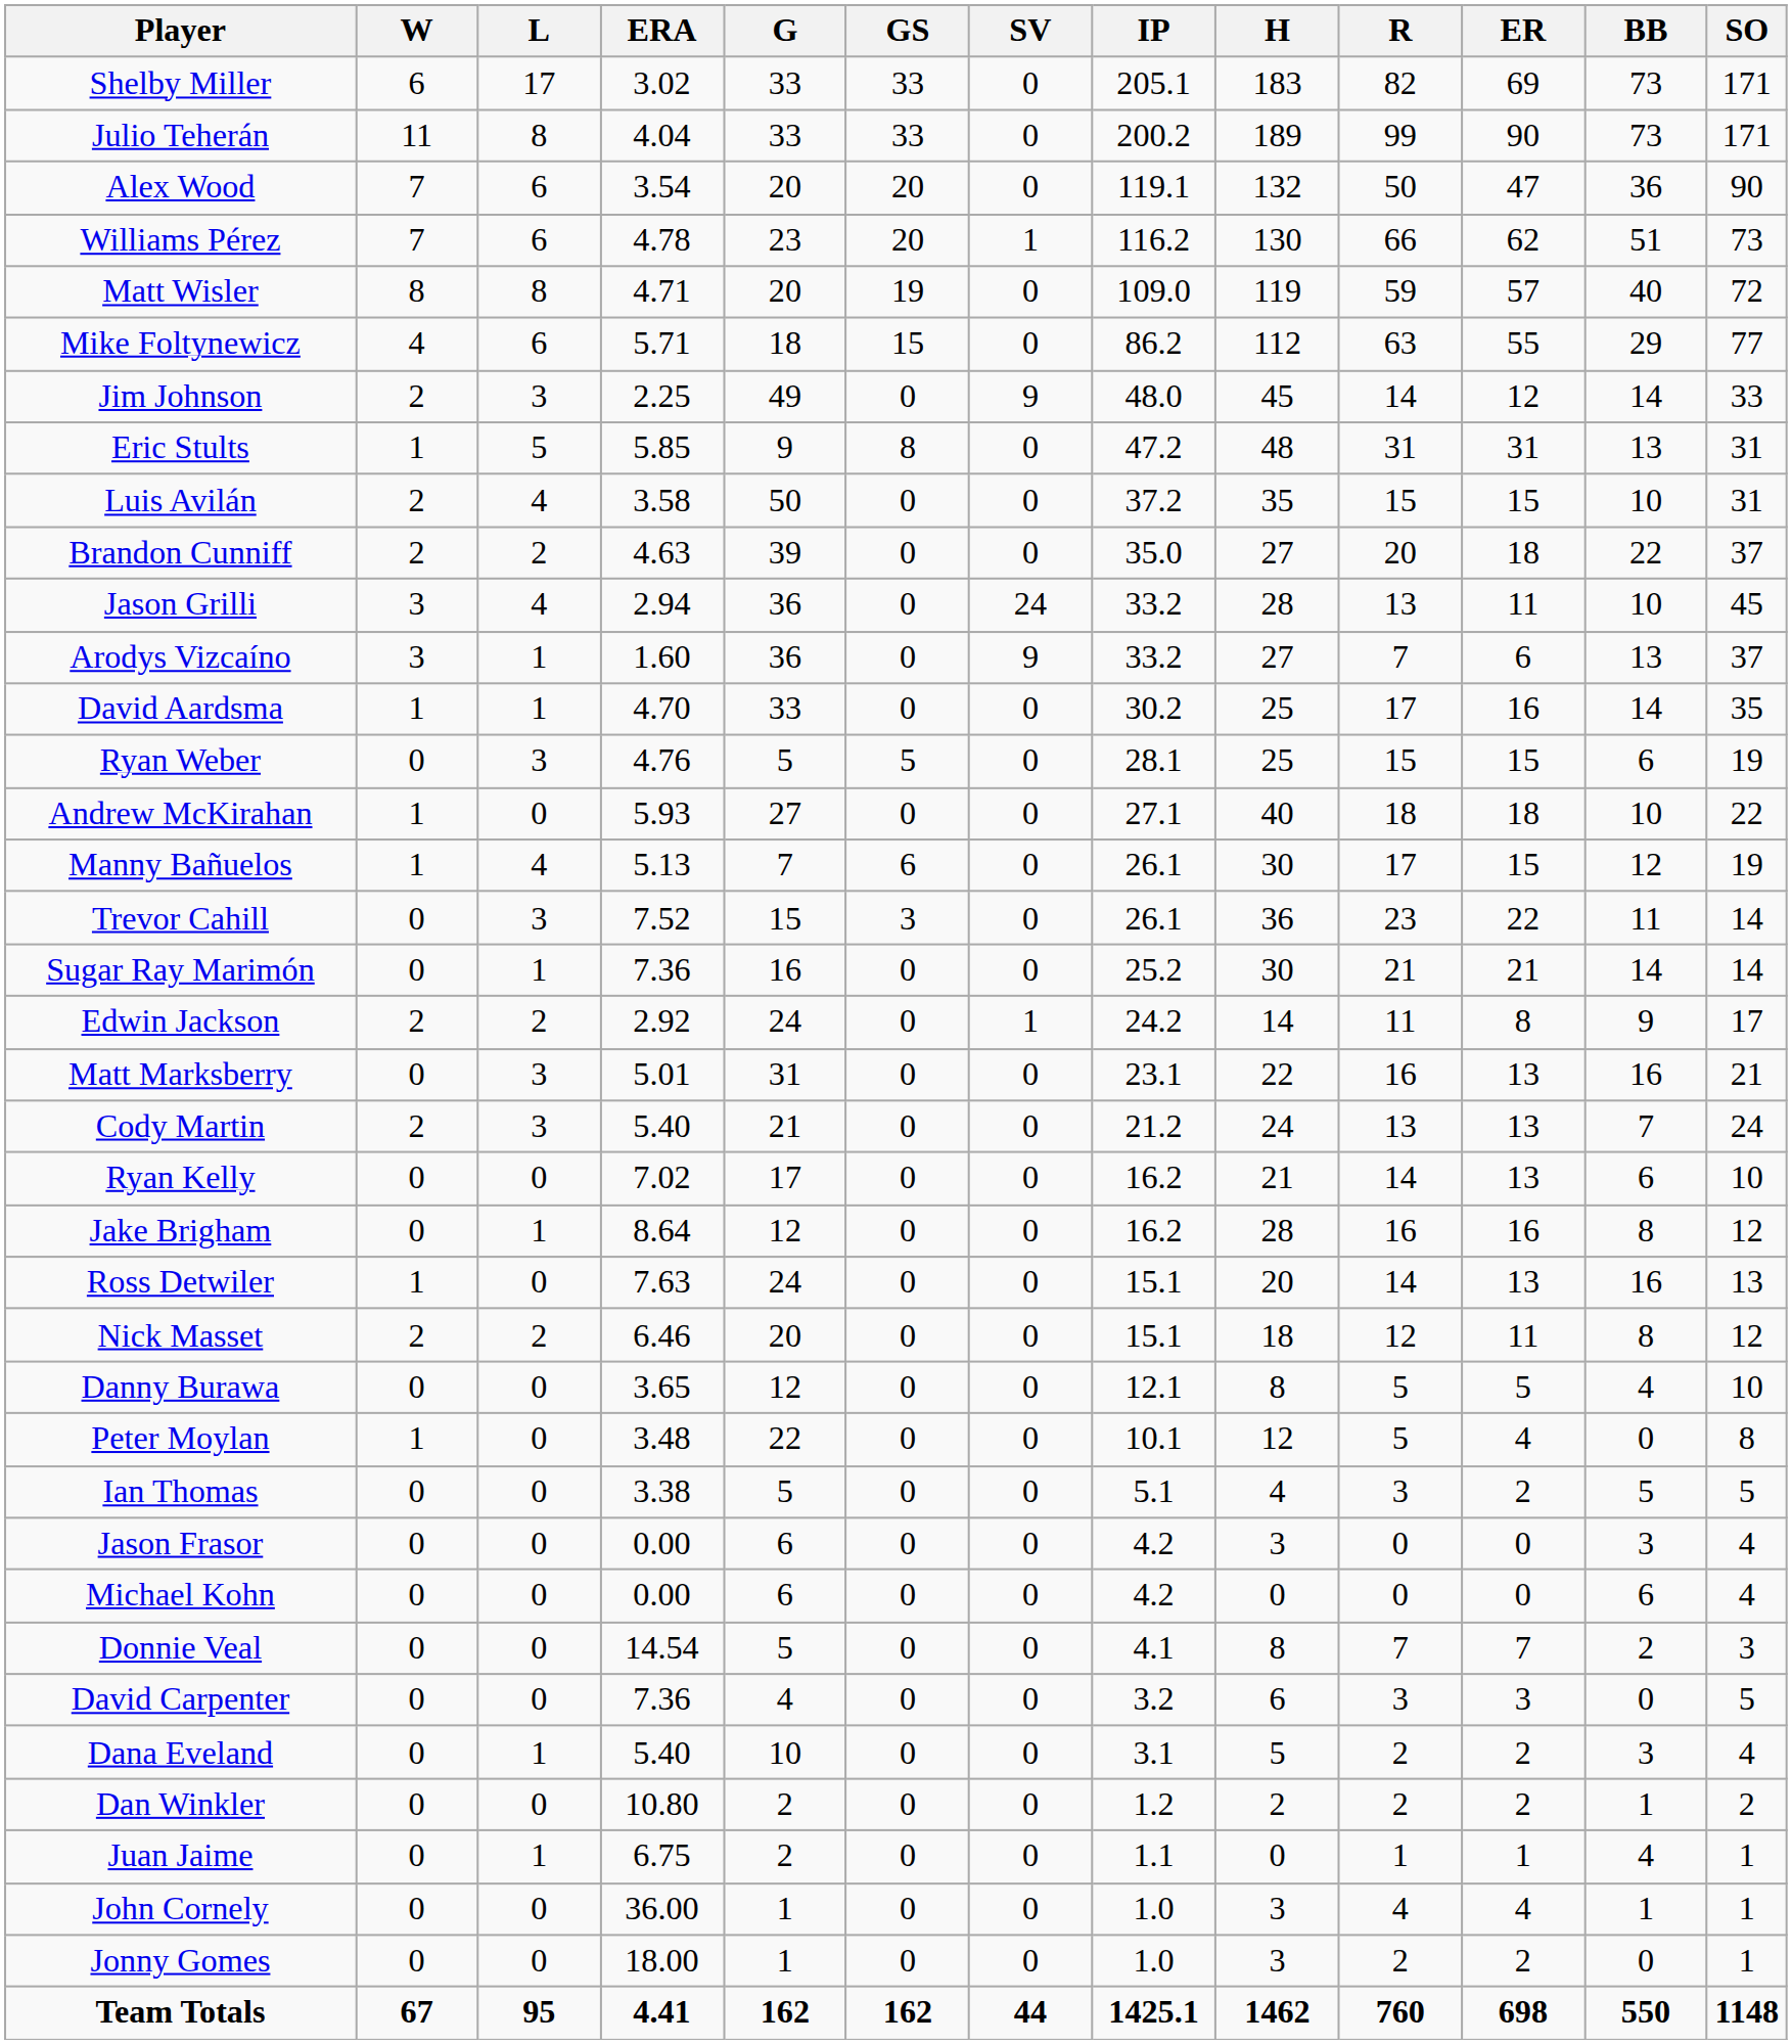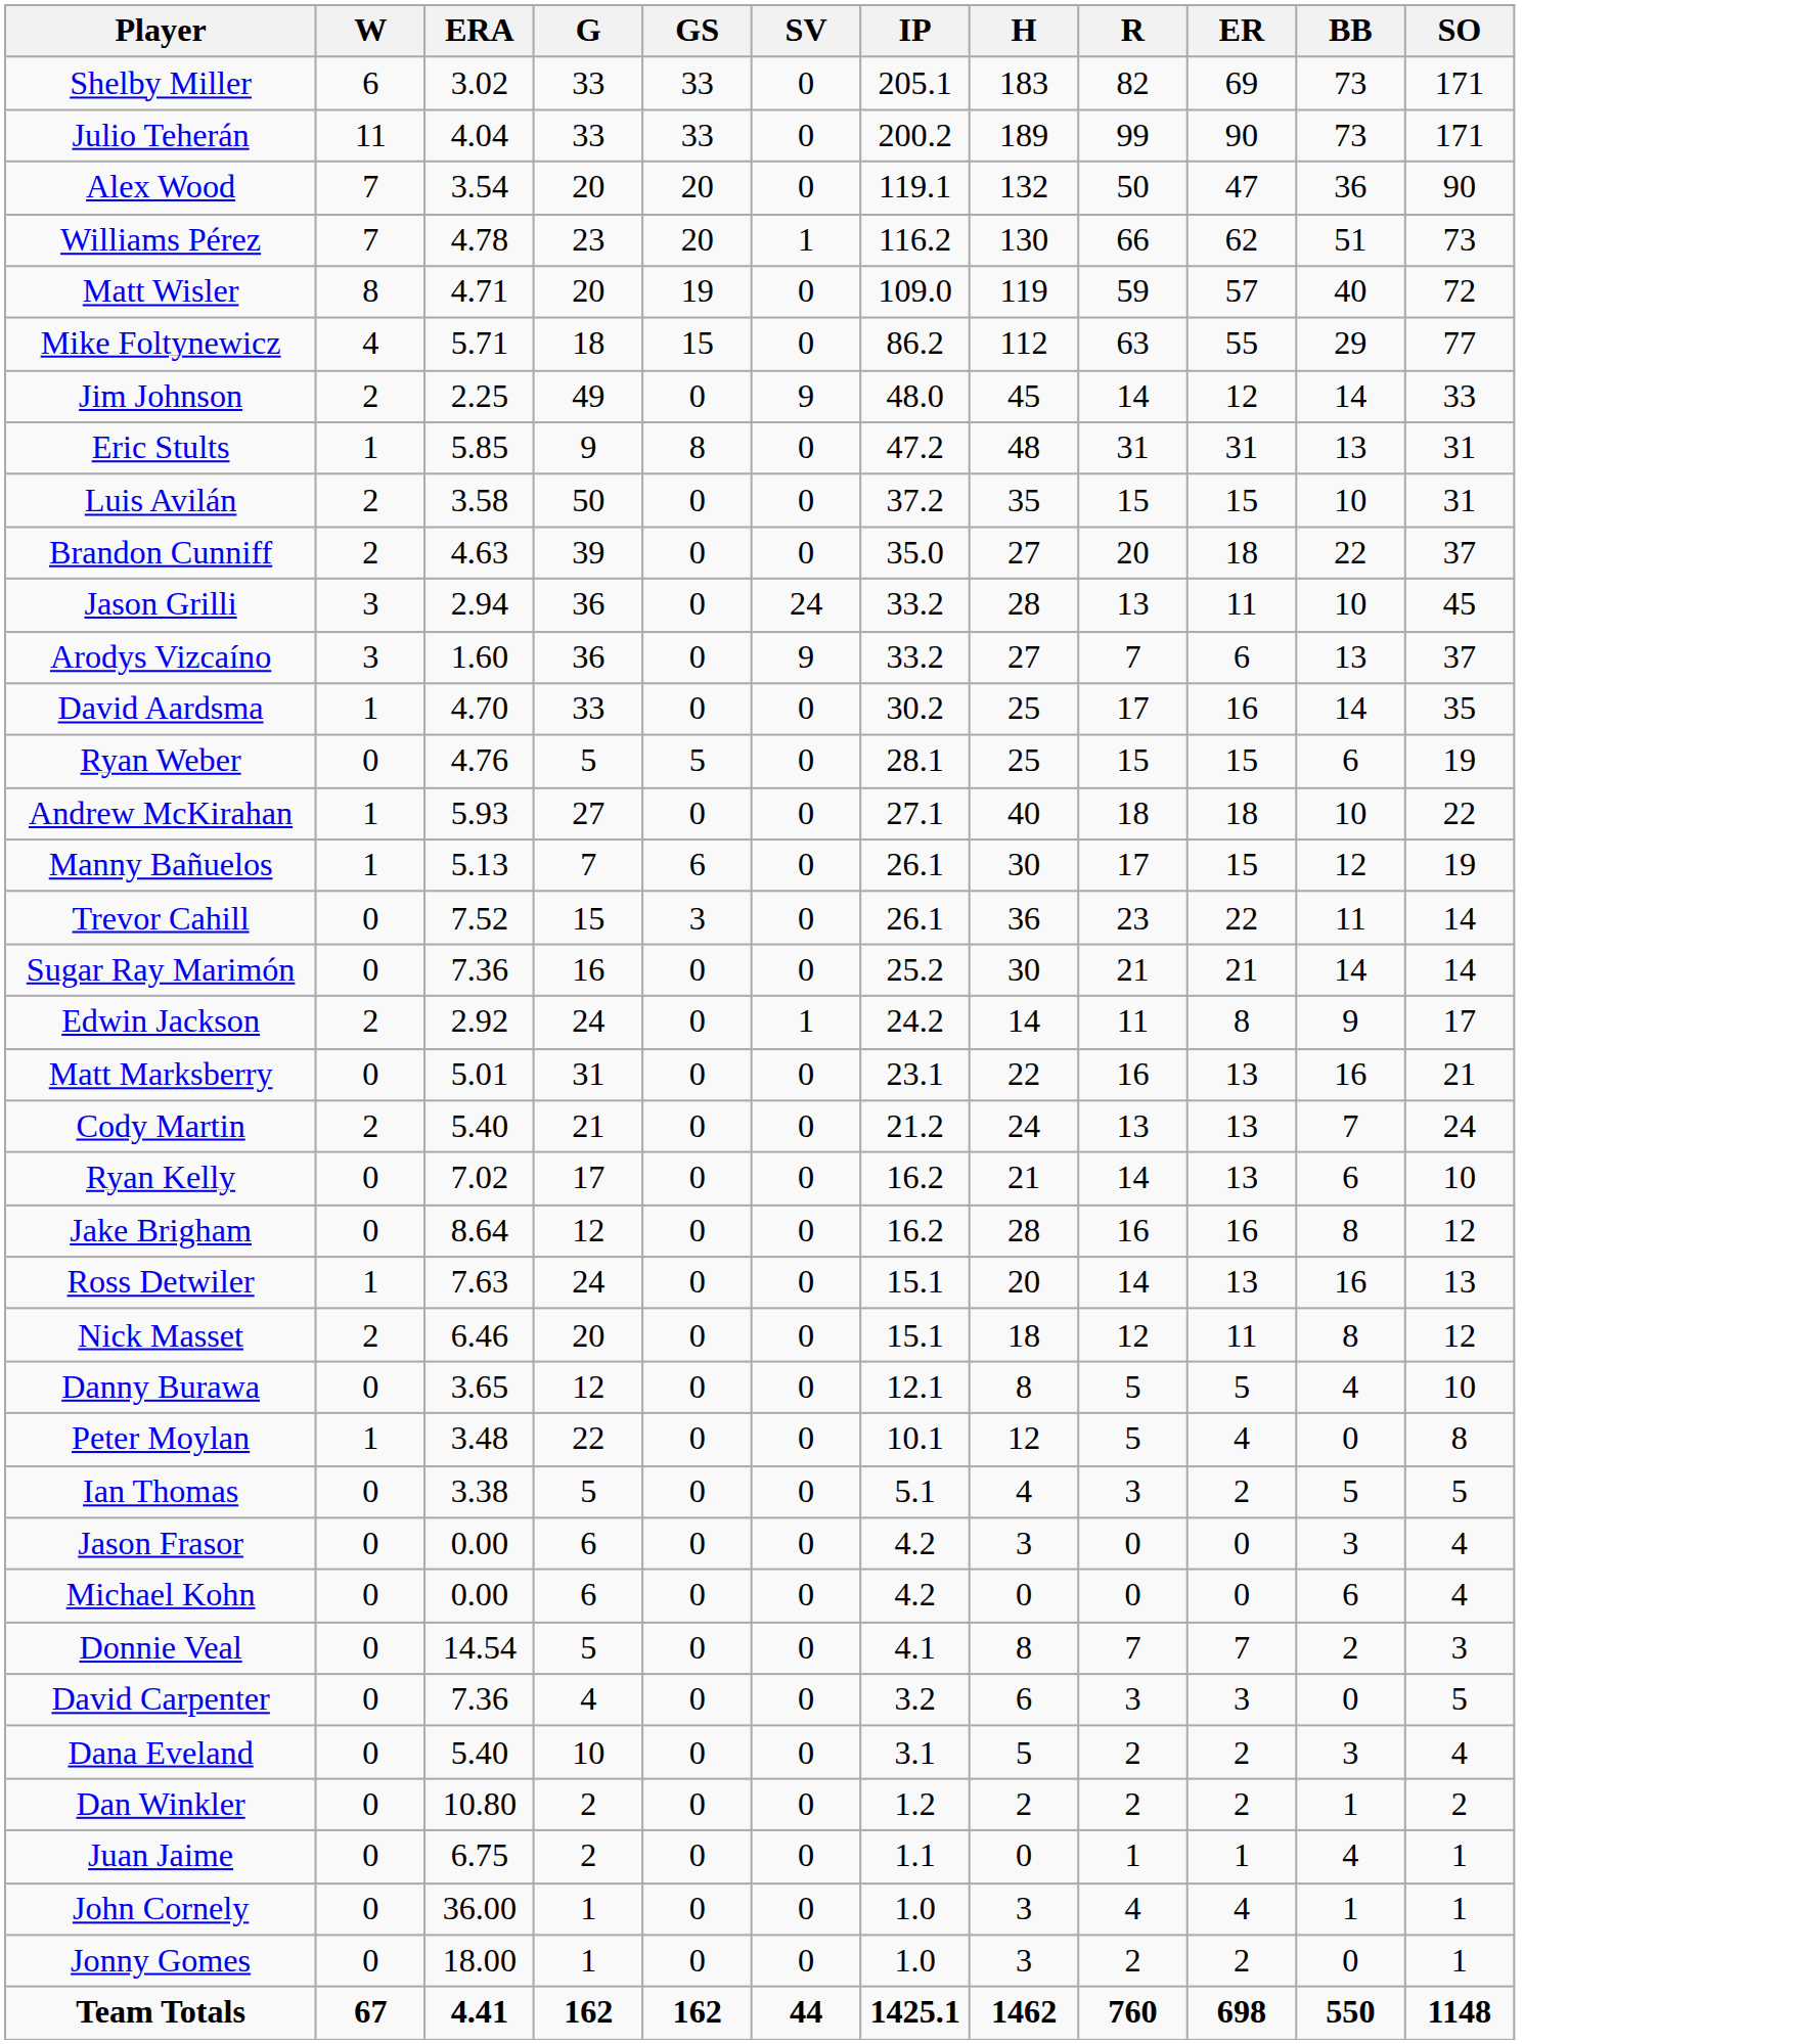 <table class=wikitable style="text-align:center">
 <tr>
 <th bgcolor=#DDDDFF; width="20%">Player</th>
 <th bgcolor=#DDDDFF; width="7%">W</th>
-<th bgcolor=#DDDDFF; width="7%">L</th>
 <th bgcolor=#DDDDFF; width="7%">ERA</th>
 <th bgcolor=#DDDDFF; width="7%">G</th>
 <th bgcolor=#DDDDFF; width="7%">GS</th>
 <th bgcolor=#DDDDFF; width="7%">SV</th>
 <th bgcolor=#DDDDFF; width="7%'">IP</th>
 <th bgcolor=#DDDDFF; width="7%">H</th>
 <th bgcolor=#DDDDFF; width="7%">R</th>
 <th bgcolor=#DDDDFF; width="7%">ER</th>
 <th bgcolor=#DDDDFF; width="7%">BB</th>
 <th bgcolor=#DDDDFF; width="7%">SO</th>
 </tr>
 <tr>
 <td><a href='#'>Shelby Miller</a></td>
 <td>6</td>
-<td>17</td>
 <td>3.02</td>
 <td>33</td>
 <td>33</td>
 <td>0</td>
 <td>205.1</td>
 <td>183</td>
 <td>82</td>
 <td>69</td>
 <td>73</td>
 <td>171</td>
 </tr>
 <tr>
 <td><a href='#'>Julio Teherán</a></td>
 <td>11</td>
-<td>8</td>
 <td>4.04</td>
 <td>33</td>
 <td>33</td>
 <td>0</td>
 <td>200.2</td>
 <td>189</td>
 <td>99</td>
 <td>90</td>
 <td>73</td>
 <td>171</td>
 </tr>
 <tr>
 <td><a href='#'>Alex Wood</a></td>
 <td>7</td>
-<td>6</td>
 <td>3.54</td>
 <td>20</td>
 <td>20</td>
 <td>0</td>
 <td>119.1</td>
 <td>132</td>
 <td>50</td>
 <td>47</td>
 <td>36</td>
 <td>90</td>
 </tr>
 <tr>
 <td><a href='#'>Williams Pérez</a></td>
 <td>7</td>
-<td>6</td>
 <td>4.78</td>
 <td>23</td>
 <td>20</td>
 <td>1</td>
 <td>116.2</td>
 <td>130</td>
 <td>66</td>
 <td>62</td>
 <td>51</td>
 <td>73</td>
 </tr>
 <tr>
 <td><a href='#'>Matt Wisler</a></td>
-<td>8</td>
 <td>8</td>
 <td>4.71</td>
 <td>20</td>
 <td>19</td>
 <td>0</td>
 <td>109.0</td>
 <td>119</td>
 <td>59</td>
 <td>57</td>
 <td>40</td>
 <td>72</td>
 </tr>
 <tr>
 <td><a href='#'>Mike Foltynewicz</a></td>
 <td>4</td>
-<td>6</td>
 <td>5.71</td>
 <td>18</td>
 <td>15</td>
 <td>0</td>
 <td>86.2</td>
 <td>112</td>
 <td>63</td>
 <td>55</td>
 <td>29</td>
 <td>77</td>
 </tr>
 <tr>
 <td><a href='#'>Jim Johnson</a></td>
 <td>2</td>
-<td>3</td>
 <td>2.25</td>
 <td>49</td>
 <td>0</td>
 <td>9</td>
 <td>48.0</td>
 <td>45</td>
 <td>14</td>
 <td>12</td>
 <td>14</td>
 <td>33</td>
 </tr>
 <tr>
 <td><a href='#'>Eric Stults</a></td>
 <td>1</td>
-<td>5</td>
 <td>5.85</td>
 <td>9</td>
 <td>8</td>
 <td>0</td>
 <td>47.2</td>
 <td>48</td>
 <td>31</td>
 <td>31</td>
 <td>13</td>
 <td>31</td>
 </tr>
 <tr>
 <td><a href='#'>Luis Avilán</a></td>
 <td>2</td>
-<td>4</td>
 <td>3.58</td>
 <td>50</td>
 <td>0</td>
 <td>0</td>
 <td>37.2</td>
 <td>35</td>
 <td>15</td>
 <td>15</td>
 <td>10</td>
 <td>31</td>
 </tr>
 <tr>
 <td><a href='#'>Brandon Cunniff</a></td>
-<td>2</td>
 <td>2</td>
 <td>4.63</td>
 <td>39</td>
 <td>0</td>
 <td>0</td>
 <td>35.0</td>
 <td>27</td>
 <td>20</td>
 <td>18</td>
 <td>22</td>
 <td>37</td>
 </tr>
 <tr>
 <td><a href='#'>Jason Grilli</a></td>
 <td>3</td>
-<td>4</td>
 <td>2.94</td>
 <td>36</td>
 <td>0</td>
 <td>24</td>
 <td>33.2</td>
 <td>28</td>
 <td>13</td>
 <td>11</td>
 <td>10</td>
 <td>45</td>
 </tr>
 <tr>
 <td><a href='#'>Arodys Vizcaíno</a></td>
 <td>3</td>
-<td>1</td>
 <td>1.60</td>
 <td>36</td>
 <td>0</td>
 <td>9</td>
 <td>33.2</td>
 <td>27</td>
 <td>7</td>
 <td>6</td>
 <td>13</td>
 <td>37</td>
 </tr>
 <tr>
 <td><a href='#'>David Aardsma</a></td>
-<td>1</td>
 <td>1</td>
 <td>4.70</td>
 <td>33</td>
 <td>0</td>
 <td>0</td>
 <td>30.2</td>
 <td>25</td>
 <td>17</td>
 <td>16</td>
 <td>14</td>
 <td>35</td>
 </tr>
 <tr>
 <td><a href='#'>Ryan Weber</a></td>
 <td>0</td>
-<td>3</td>
 <td>4.76</td>
 <td>5</td>
 <td>5</td>
 <td>0</td>
 <td>28.1</td>
 <td>25</td>
 <td>15</td>
 <td>15</td>
 <td>6</td>
 <td>19</td>
 </tr>
 <tr>
 <td><a href='#'>Andrew McKirahan</a></td>
 <td>1</td>
-<td>0</td>
 <td>5.93</td>
 <td>27</td>
 <td>0</td>
 <td>0</td>
 <td>27.1</td>
 <td>40</td>
 <td>18</td>
 <td>18</td>
 <td>10</td>
 <td>22</td>
 </tr>
 <tr>
 <td><a href='#'>Manny Bañuelos</a></td>
 <td>1</td>
-<td>4</td>
 <td>5.13</td>
 <td>7</td>
 <td>6</td>
 <td>0</td>
 <td>26.1</td>
 <td>30</td>
 <td>17</td>
 <td>15</td>
 <td>12</td>
 <td>19</td>
 </tr>
 <tr>
 <td><a href='#'>Trevor Cahill</a></td>
 <td>0</td>
-<td>3</td>
 <td>7.52</td>
 <td>15</td>
 <td>3</td>
 <td>0</td>
 <td>26.1</td>
 <td>36</td>
 <td>23</td>
 <td>22</td>
 <td>11</td>
 <td>14</td>
 </tr>
 <tr>
 <td><a href='#'>Sugar Ray Marimón</a></td>
 <td>0</td>
-<td>1</td>
 <td>7.36</td>
 <td>16</td>
 <td>0</td>
 <td>0</td>
 <td>25.2</td>
 <td>30</td>
 <td>21</td>
 <td>21</td>
 <td>14</td>
 <td>14</td>
 </tr>
 <tr>
 <td><a href='#'>Edwin Jackson</a></td>
-<td>2</td>
 <td>2</td>
 <td>2.92</td>
 <td>24</td>
 <td>0</td>
 <td>1</td>
 <td>24.2</td>
 <td>14</td>
 <td>11</td>
 <td>8</td>
 <td>9</td>
 <td>17</td>
 </tr>
 <tr>
 <td><a href='#'>Matt Marksberry</a></td>
 <td>0</td>
-<td>3</td>
 <td>5.01</td>
 <td>31</td>
 <td>0</td>
 <td>0</td>
 <td>23.1</td>
 <td>22</td>
 <td>16</td>
 <td>13</td>
 <td>16</td>
 <td>21</td>
 </tr>
 <tr>
 <td><a href='#'>Cody Martin</a></td>
 <td>2</td>
-<td>3</td>
 <td>5.40</td>
 <td>21</td>
 <td>0</td>
 <td>0</td>
 <td>21.2</td>
 <td>24</td>
 <td>13</td>
 <td>13</td>
 <td>7</td>
 <td>24</td>
 </tr>
 <tr>
 <td><a href='#'>Ryan Kelly</a></td>
-<td>0</td>
 <td>0</td>
 <td>7.02</td>
 <td>17</td>
 <td>0</td>
 <td>0</td>
 <td>16.2</td>
 <td>21</td>
 <td>14</td>
 <td>13</td>
 <td>6</td>
 <td>10</td>
 </tr>
 <tr>
 <td><a href='#'>Jake Brigham</a></td>
 <td>0</td>
-<td>1</td>
 <td>8.64</td>
 <td>12</td>
 <td>0</td>
 <td>0</td>
 <td>16.2</td>
 <td>28</td>
 <td>16</td>
 <td>16</td>
 <td>8</td>
 <td>12</td>
 </tr>
 <tr>
 <td><a href='#'>Ross Detwiler</a></td>
 <td>1</td>
-<td>0</td>
 <td>7.63</td>
 <td>24</td>
 <td>0</td>
 <td>0</td>
 <td>15.1</td>
 <td>20</td>
 <td>14</td>
 <td>13</td>
 <td>16</td>
 <td>13</td>
 </tr>
 <tr>
 <td><a href='#'>Nick Masset</a></td>
-<td>2</td>
 <td>2</td>
 <td>6.46</td>
 <td>20</td>
 <td>0</td>
 <td>0</td>
 <td>15.1</td>
 <td>18</td>
 <td>12</td>
 <td>11</td>
 <td>8</td>
 <td>12</td>
 </tr>
 <tr>
 <td><a href='#'>Danny Burawa</a></td>
 <td>0</td>
-<td>0</td>
 <td>3.65</td>
 <td>12</td>
 <td>0</td>
 <td>0</td>
 <td>12.1</td>
 <td>8</td>
 <td>5</td>
 <td>5</td>
 <td>4</td>
 <td>10</td>
 </tr>
 <tr>
 <td><a href='#'>Peter Moylan</a></td>
 <td>1</td>
-<td>0</td>
 <td>3.48</td>
 <td>22</td>
 <td>0</td>
 <td>0</td>
 <td>10.1</td>
 <td>12</td>
 <td>5</td>
 <td>4</td>
 <td>0</td>
 <td>8</td>
 </tr>
 <tr>
 <td><a href='#'>Ian Thomas</a></td>
-<td>0</td>
 <td>0</td>
 <td>3.38</td>
 <td>5</td>
 <td>0</td>
 <td>0</td>
 <td>5.1</td>
 <td>4</td>
 <td>3</td>
 <td>2</td>
 <td>5</td>
 <td>5</td>
 </tr>
 <tr>
 <td><a href='#'>Jason Frasor</a></td>
 <td>0</td>
-<td>0</td>
 <td>0.00</td>
 <td>6</td>
 <td>0</td>
 <td>0</td>
 <td>4.2</td>
 <td>3</td>
 <td>0</td>
 <td>0</td>
 <td>3</td>
 <td>4</td>
 </tr>
 <tr>
 <td><a href='#'>Michael Kohn</a></td>
-<td>0</td>
 <td>0</td>
 <td>0.00</td>
 <td>6</td>
 <td>0</td>
 <td>0</td>
 <td>4.2</td>
 <td>0</td>
 <td>0</td>
 <td>0</td>
 <td>6</td>
 <td>4</td>
 </tr>
 <tr>
 <td><a href='#'>Donnie Veal</a></td>
 <td>0</td>
-<td>0</td>
 <td>14.54</td>
 <td>5</td>
 <td>0</td>
 <td>0</td>
 <td>4.1</td>
 <td>8</td>
 <td>7</td>
 <td>7</td>
 <td>2</td>
 <td>3</td>
 </tr>
 <tr>
 <td><a href='#'>David Carpenter</a></td>
-<td>0</td>
 <td>0</td>
 <td>7.36</td>
 <td>4</td>
 <td>0</td>
 <td>0</td>
 <td>3.2</td>
 <td>6</td>
 <td>3</td>
 <td>3</td>
 <td>0</td>
 <td>5</td>
 </tr>
 <tr>
 <td><a href='#'>Dana Eveland</a></td>
 <td>0</td>
-<td>1</td>
 <td>5.40</td>
 <td>10</td>
 <td>0</td>
 <td>0</td>
 <td>3.1</td>
 <td>5</td>
 <td>2</td>
 <td>2</td>
 <td>3</td>
 <td>4</td>
 </tr>
 <tr>
 <td><a href='#'>Dan Winkler</a></td>
-<td>0</td>
 <td>0</td>
 <td>10.80</td>
 <td>2</td>
 <td>0</td>
 <td>0</td>
 <td>1.2</td>
 <td>2</td>
 <td>2</td>
 <td>2</td>
 <td>1</td>
 <td>2</td>
 </tr>
 <tr>
 <td><a href='#'>Juan Jaime</a></td>
 <td>0</td>
-<td>1</td>
 <td>6.75</td>
 <td>2</td>
 <td>0</td>
 <td>0</td>
 <td>1.1</td>
 <td>0</td>
 <td>1</td>
 <td>1</td>
 <td>4</td>
 <td>1</td>
 </tr>
 <tr>
 <td><a href='#'>John Cornely</a></td>
-<td>0</td>
 <td>0</td>
 <td>36.00</td>
 <td>1</td>
 <td>0</td>
 <td>0</td>
 <td>1.0</td>
 <td>3</td>
 <td>4</td>
 <td>4</td>
 <td>1</td>
 <td>1</td>
 </tr>
 <tr>
 <td><a href='#'>Jonny Gomes</a></td>
 <td>0</td>
-<td>0</td>
 <td>18.00</td>
 <td>1</td>
 <td>0</td>
 <td>0</td>
 <td>1.0</td>
 <td>3</td>
 <td>2</td>
 <td>2</td>
 <td>0</td>
 <td>1</td>
 </tr>
 <tr>
 <td><strong>Team Totals</strong></td>
 <td><strong>67</strong></td>
-<td><strong>95</strong></td>
 <td><strong>4.41</strong></td>
 <td><strong>162</strong></td>
 <td><strong>162</strong></td>
 <td><strong>44</strong></td>
 <td><strong>1425.1</strong></td>
 <td><strong>1462</strong></td>
 <td><strong>760</strong></td>
 <td><strong>698</strong></td>
 <td><strong>550</strong></td>
 <td><strong>1148</strong></td>
 </tr>
 </table>
